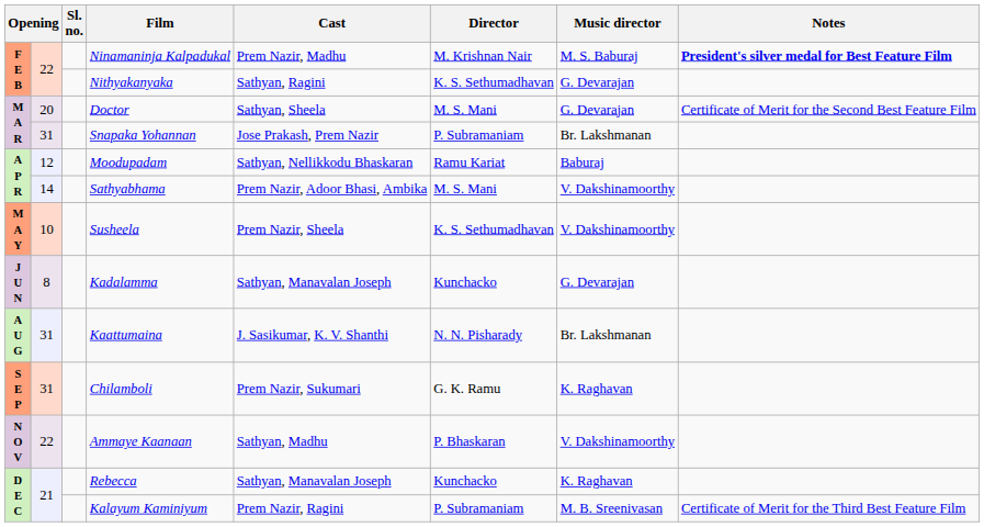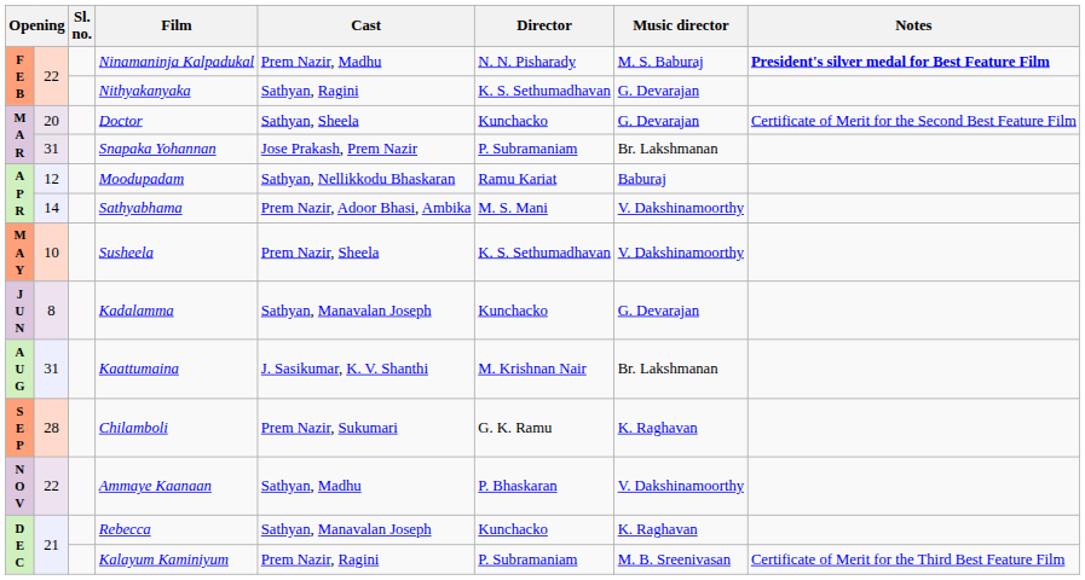 <table class="wikitable">
 <tr style="background:#4000;">
 <th colspan='2'>Opening</th>
 <th>Sl.<br>no.</th>
 <th>Film</th>
 <th>Cast</th>
 <th>Director</th>
 <th>Music director</th>
 <th>Notes</th>
 </tr>
 <tr>
 <td rowspan="2" style="text-align:center; background:#ffa07a; textcolor:#000;"><small><strong>F<br>E<br>B</strong></small></td>
 <td rowspan="2"  style="text-align:center; background:#ffdacc; textcolor:#000;">22</td>
 <td valign="center"></td>
 <td><em><a href='#'>Ninamaninja Kalpadukal</a></em></td>
 <td><a href='#'>Prem Nazir</a>, <a href='#'>Madhu</a></td>
-<td><a href='#'>M. Krishnan Nair</a></td>
+<td><a href='#'>N. N. Pisharady</a></td>
 <td><a href='#'>M. S. Baburaj</a></td>
 <td><strong><a href='#'>President's silver medal for Best Feature Film</a></strong></td>
 </tr>
 <tr>
 <td valign="center"></td>
 <td><em><a href='#'>Nithyakanyaka</a></em></td>
 <td><a href='#'>Sathyan</a>, <a href='#'>Ragini</a></td>
 <td><a href='#'>K. S. Sethumadhavan</a></td>
 <td><a href='#'>G. Devarajan</a></td>
 <td></td>
 </tr>
 <tr>
 <td rowspan="2" style="text-align:center; background:#dcc7df; textcolor:#000;"><small><strong>M<br>A<br>R</strong></small></td>
 <td rowspan="1"  style="text-align:center; background:#ede3ef; textcolor:#000;">20</td>
 <td valign="center"></td>
 <td><em><a href='#'>Doctor</a></em></td>
 <td><a href='#'>Sathyan</a>, <a href='#'>Sheela</a></td>
-<td><a href='#'>M. S. Mani</a></td>
+<td><a href='#'>Kunchacko</a></td>
 <td><a href='#'>G. Devarajan</a></td>
 <td><a href='#'>Certificate of Merit for the Second Best Feature Film</a></td>
 </tr>
 <tr>
 <td rowspan="1"  style="text-align:center; background:#ede3ef; textcolor:#000;">31</td>
 <td valign="center"></td>
 <td><em><a href='#'>Snapaka Yohannan</a></em></td>
 <td><a href='#'>Jose Prakash</a>, <a href='#'>Prem Nazir</a></td>
 <td><a href='#'>P. Subramaniam</a></td>
 <td>Br. Lakshmanan</td>
 <td></td>
 </tr>
 <tr>
 <td rowspan="2" style="text-align:center; background:#d0f0c0; textcolor:#000;"><small><strong>A<br>P<br>R</strong></small></td>
 <td rowspan="1"  style="text-align:center; background:#edefff; textcolor:#000;">12</td>
 <td valign="center"></td>
 <td><em><a href='#'>Moodupadam</a></em></td>
 <td><a href='#'>Sathyan</a>, <a href='#'>Nellikkodu Bhaskaran</a></td>
 <td><a href='#'>Ramu Kariat</a></td>
 <td><a href='#'>Baburaj</a></td>
 <td></td>
 </tr>
 <tr>
 <td rowspan="1"  style="text-align:center; background:#edefff; textcolor:#000;">14</td>
 <td valign="center"></td>
 <td><em><a href='#'>Sathyabhama</a></em></td>
 <td><a href='#'>Prem Nazir</a>, <a href='#'>Adoor Bhasi</a>, <a href='#'>Ambika</a></td>
 <td><a href='#'>M. S. Mani</a></td>
 <td><a href='#'>V. Dakshinamoorthy</a></td>
 <td></td>
 </tr>
 <tr>
 <td rowspan="1" style="text-align:center; background:#ffa07a; textcolor:#000;"><small><strong>M<br>A<br>Y</strong></small></td>
 <td rowspan="1"  style="text-align:center; background:#ffdacc; textcolor:#000;">10</td>
 <td valign="center"></td>
 <td><em><a href='#'>Susheela</a></em></td>
 <td><a href='#'>Prem Nazir</a>, <a href='#'>Sheela</a></td>
 <td><a href='#'>K. S. Sethumadhavan</a></td>
 <td><a href='#'>V. Dakshinamoorthy</a></td>
 <td></td>
 </tr>
 <tr>
 <td rowspan="1" style="text-align:center; background:#dcc7df; textcolor:#000;"><small><strong>J<br>U<br>N</strong></small></td>
 <td rowspan="1"  style="text-align:center; background:#ede3ef; textcolor:#000;">8</td>
 <td valign="center"></td>
 <td><em><a href='#'>Kadalamma</a></em></td>
 <td><a href='#'>Sathyan</a>, <a href='#'>Manavalan Joseph</a></td>
 <td><a href='#'>Kunchacko</a></td>
 <td><a href='#'>G. Devarajan</a></td>
 <td></td>
 </tr>
 <tr>
 <td rowspan="1" style="text-align:center; background:#d0f0c0; textcolor:#000;"><small><strong>A<br>U<br>G</strong></small></td>
 <td rowspan="1"  style="text-align:center; background:#edefff; textcolor:#000;">31</td>
 <td valign="center"></td>
 <td><em><a href='#'>Kaattumaina</a></em></td>
 <td><a href='#'>J. Sasikumar</a>, <a href='#'>K. V. Shanthi</a></td>
-<td><a href='#'>N. N. Pisharady</a></td>
+<td><a href='#'>M. Krishnan Nair</a></td>
 <td>Br. Lakshmanan</td>
 <td></td>
 </tr>
 <tr>
 <td rowspan="1" style="text-align:center; background:#ffa07a; textcolor:#000;"><small><strong>S<br>E<br>P</strong></small></td>
-<td rowspan="1"  style="text-align:center; background:#ffdacc; textcolor:#000;">31</td>
+<td rowspan="1"  style="text-align:center; background:#ffdacc; textcolor:#000;">28</td>
 <td valign="center"></td>
 <td><em><a href='#'>Chilamboli</a></em></td>
 <td><a href='#'>Prem Nazir</a>, <a href='#'>Sukumari</a></td>
 <td>G. K. Ramu</td>
 <td><a href='#'>K. Raghavan</a></td>
 <td></td>
 </tr>
 <tr>
 <td rowspan="1" style="text-align:center; background:#dcc7df; textcolor:#000;"><small><strong>N<br>O<br>V</strong></small></td>
 <td rowspan="1"  style="text-align:center; background:#ede3ef; textcolor:#000;">22</td>
 <td valign="center"></td>
 <td><em><a href='#'>Ammaye Kaanaan</a></em></td>
 <td><a href='#'>Sathyan</a>, <a href='#'>Madhu</a></td>
 <td><a href='#'>P. Bhaskaran</a></td>
 <td><a href='#'>V. Dakshinamoorthy</a></td>
 <td></td>
 </tr>
 <tr>
 <td rowspan="2" style="text-align:center; background:#d0f0c0; textcolor:#000;"><small><strong>D<br>E<br>C</strong></small></td>
 <td rowspan="2"  style="text-align:center; background:#edefff; textcolor:#000;">21</td>
 <td valign="center"></td>
 <td><em><a href='#'>Rebecca</a></em></td>
 <td><a href='#'>Sathyan</a>, <a href='#'>Manavalan Joseph</a></td>
 <td><a href='#'>Kunchacko</a></td>
 <td><a href='#'>K. Raghavan</a></td>
 <td></td>
 </tr>
 <tr>
 <td valign="center"></td>
 <td><em><a href='#'>Kalayum Kaminiyum</a></em></td>
 <td><a href='#'>Prem Nazir</a>, <a href='#'>Ragini</a></td>
 <td><a href='#'>P. Subramaniam</a></td>
 <td><a href='#'>M. B. Sreenivasan</a></td>
 <td><a href='#'>Certificate of Merit for the Third Best Feature Film</a></td>
 </tr>
 </table>
